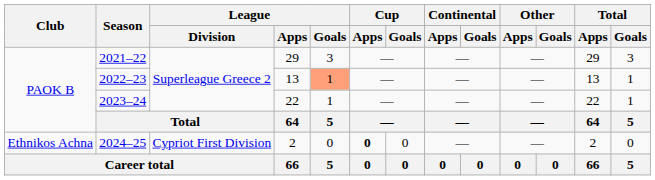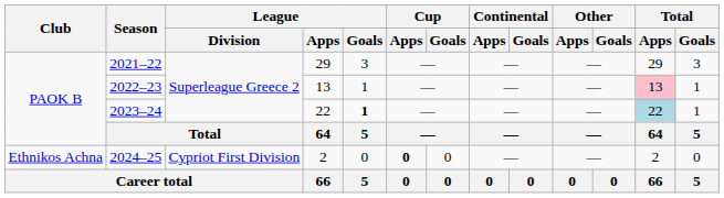 <table class="wikitable" style="text-align:center">
 <tr>
 <th rowspan=2>Club</th>
 <th rowspan=2>Season</th>
 <th colspan=3>League</th>
 <th colspan=2>Cup</th>
 <th colspan=2>Continental</th>
 <th colspan=2>Other</th>
 <th colspan=2>Total</th>
 </tr>
 <tr>
 <th>Division</th>
 <th>Apps</th>
 <th>Goals</th>
 <th>Apps</th>
 <th>Goals</th>
 <th>Apps</th>
 <th>Goals</th>
 <th>Apps</th>
 <th>Goals</th>
 <th>Apps</th>
 <th>Goals</th>
 </tr>
 <tr>
 <td rowspan="4"><a href='#'>PAOK B</a></td>
 <td><a href='#'>2021–22</a></td>
 <td rowspan="3"><a href='#'>Superleague Greece 2</a></td>
 <td>29</td>
 <td>3</td>
 <td colspan="2">—</td>
 <td colspan="2">—</td>
 <td colspan="2">—</td>
 <td>29</td>
 <td>3</td>
 </tr>
 <tr>
 <td><a href='#'>2022–23</a></td>
 <td>13</td>
-<td style="background: lightsalmon;">1</td>
+<td>1</td>
 <td colspan="2">—</td>
 <td colspan="2">—</td>
 <td colspan="2">—</td>
-<td>13</td>
+<td style="background: pink;">13</td>
 <td>1</td>
 </tr>
 <tr>
 <td><a href='#'>2023–24</a></td>
 <td>22</td>
-<td>1</td>
+<td><strong>1</strong></td>
 <td colspan="2">—</td>
 <td colspan="2">—</td>
 <td colspan="2">—</td>
-<td>22</td>
+<td style="background: lightblue;">22</td>
 <td>1</td>
 </tr>
 <tr>
 <th colspan="2">Total</th>
 <th>64</th>
 <th>5</th>
 <th colspan="2">—</th>
 <th colspan="2">—</th>
 <th colspan="2">—</th>
 <th>64</th>
 <th>5</th>
 </tr>
 <tr>
 <td><a href='#'>Ethnikos Achna</a></td>
 <td><a href='#'>2024–25</a></td>
 <td><a href='#'>Cypriot First Division</a></td>
 <td>2</td>
 <td>0</td>
 <td><strong>0</strong></td>
 <td>0</td>
 <td colspan="2">—</td>
 <td colspan="2">—</td>
 <td>2</td>
 <td>0</td>
 </tr>
 <tr>
 <th colspan="3">Career total</th>
 <th>66</th>
 <th>5</th>
 <th>0</th>
 <th>0</th>
 <th>0</th>
 <th>0</th>
 <th>0</th>
 <th>0</th>
 <th>66</th>
 <th>5</th>
 </tr>
 </table>
